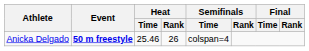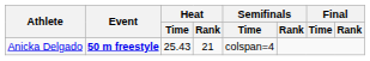 <table class=wikitable style="font-size:90%;">
 <tr>
 <th rowspan=2>Athlete</th>
 <th rowspan=2>Event</th>
 <th colspan=2>Heat</th>
 <th colspan=2>Semifinals</th>
 <th colspan=2>Final</th>
 </tr>
 <tr style="font-size:95%">
 <th>Time</th>
 <th>Rank</th>
 <th>Time</th>
 <th>Rank</th>
 <th>Time</th>
 <th>Rank</th>
 </tr>
 <tr align=center>
 <td align=left><a href='#'>Anicka Delgado</a></td>
 <td align=left><strong><a href='#'>50 m freestyle</a></strong></td>
-<td>25.46</td>
-<td>26</td>
+<td>25.43</td>
+<td>21</td>
 <td>colspan=4 </td>
 </tr>
 </table>
